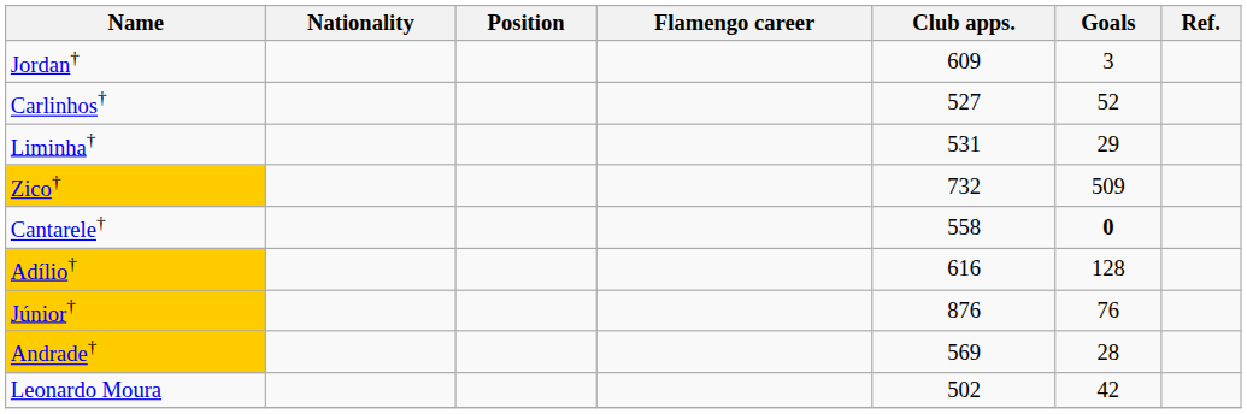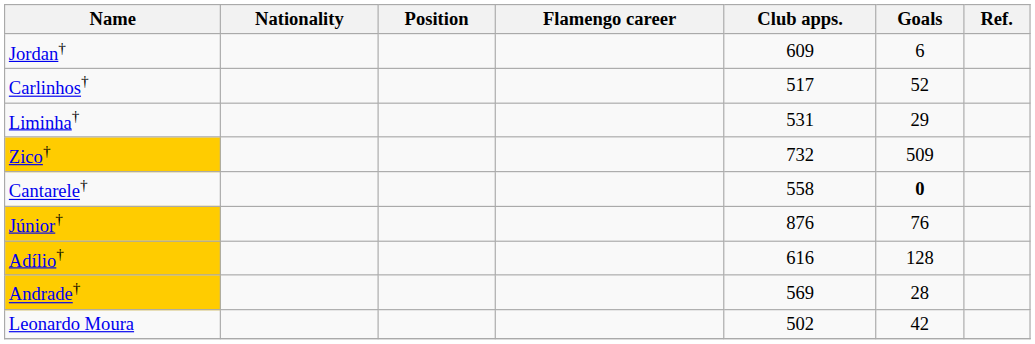 <table width=70% class="wikitable sortable" style="text-align:center;">
 <tr>
 <th>Name</th>
 <th>Nationality</th>
 <th>Position</th>
 <th>Flamengo career</th>
 <th>Club apps.</th>
 <th>Goals</th>
 <th class="unsortable">Ref.</th>
 </tr>
 <tr>
 <td scope="row" align="left"><a href='#'>Jordan</a><sup>†</sup></td>
 <td align="left"></td>
 <td></td>
 <td></td>
 <td>609</td>
-<td>3</td>
+<td>6</td>
 <td></td>
 </tr>
 <tr>
 <td scope="row" align="left"><a href='#'>Carlinhos</a><sup>†</sup></td>
 <td align="left"></td>
 <td></td>
 <td></td>
-<td>527</td>
+<td>517</td>
 <td>52</td>
 <td></td>
 </tr>
 <tr>
 <td scope="row" align="left"><a href='#'>Liminha</a><sup>†</sup></td>
 <td align="left"></td>
 <td></td>
 <td></td>
 <td>531</td>
 <td>29</td>
 <td></td>
 </tr>
 <tr>
 <td scope="row" align="left" style="background-color:#FFCC00"><a href='#'>Zico</a><sup>†</sup></td>
 <td align="left"></td>
 <td></td>
 <td></td>
 <td>732</td>
 <td>509</td>
 <td></td>
 </tr>
 <tr>
 <td scope="row" align="left"><a href='#'>Cantarele</a><sup>†</sup></td>
 <td align="left"></td>
 <td></td>
 <td></td>
 <td>558</td>
 <td><strong>0</strong></td>
 <td></td>
 </tr>
 <tr>
+<td scope="row" align="left" style="background-color:#FFCC00"><a href='#'>Júnior</a><sup>†</sup></td>
+<td align="left"></td>
+<td></td>
+<td></td>
+<td>876</td>
+<td>76</td>
+<td></td>
+</tr>
+<tr>
 <td scope="row" align="left" style="background-color:#FFCC00"><a href='#'>Adílio</a><sup>†</sup></td>
 <td align="left"></td>
 <td></td>
 <td></td>
 <td>616</td>
 <td>128</td>
-<td></td>
-</tr>
-<tr>
-<td scope="row" align="left" style="background-color:#FFCC00"><a href='#'>Júnior</a><sup>†</sup></td>
-<td align="left"></td>
-<td></td>
-<td></td>
-<td>876</td>
-<td>76</td>
 <td></td>
 </tr>
 <tr>
 <td scope="row" align="left" style="background-color:#FFCC00"><a href='#'>Andrade</a><sup>†</sup></td>
 <td align="left"></td>
 <td></td>
 <td></td>
 <td>569</td>
 <td>28</td>
 <td></td>
 </tr>
 <tr>
 <td scope="row" align="left"><a href='#'>Leonardo Moura</a></td>
 <td align="left"></td>
 <td></td>
 <td></td>
 <td>502</td>
 <td>42</td>
 <td></td>
 </tr>
 <tr>
 </tr>
 </table>
